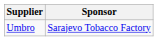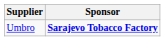 <table class="wikitable">
 <tr>
 <th>Supplier</th>
 <th>Sponsor</th>
 </tr>
 <tr>
 <td> <a href='#'>Umbro</a></td>
-<td> <a href='#'>Sarajevo Tobacco Factory</a></td>
+<td><strong> <a href='#'>Sarajevo Tobacco Factory</a></strong></td>
 </tr>
 </table>
